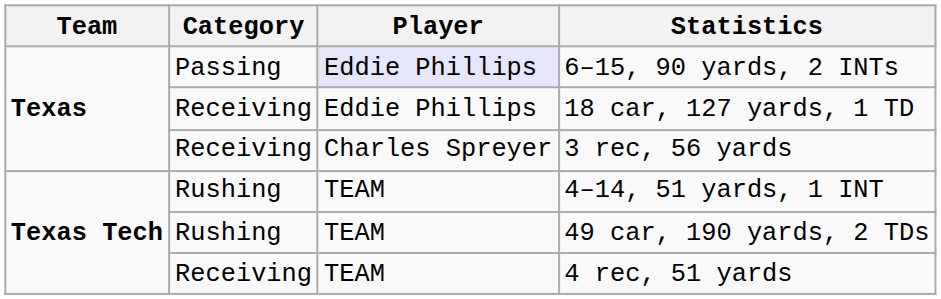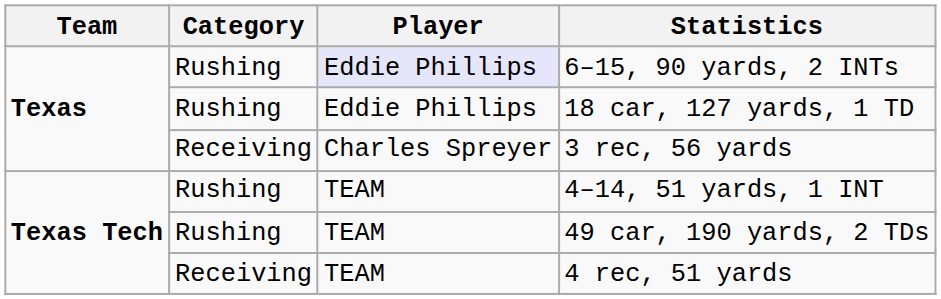 <table class="wikitable" style="float: right;">
 <tr>
 <th>Team</th>
 <th>Category</th>
 <th>Player</th>
 <th>Statistics</th>
 </tr>
 <tr>
 <td rowspan=3><strong>Texas</strong></td>
-<td>Passing</td>
+<td>Rushing</td>
 <td style="background: lavender;">Eddie Phillips</td>
 <td>6–15, 90 yards, 2 INTs</td>
 </tr>
 <tr>
-<td>Receiving</td>
+<td>Rushing</td>
 <td>Eddie Phillips</td>
 <td>18 car, 127 yards, 1 TD</td>
 </tr>
 <tr>
 <td>Receiving</td>
 <td>Charles Spreyer</td>
 <td>3 rec, 56 yards</td>
 </tr>
 <tr>
 <td rowspan=3><strong>Texas Tech</strong></td>
 <td>Rushing</td>
 <td>TEAM</td>
 <td>4–14, 51 yards, 1 INT</td>
 </tr>
 <tr>
 <td>Rushing</td>
 <td>TEAM</td>
 <td>49 car, 190 yards, 2 TDs</td>
 </tr>
 <tr>
 <td>Receiving</td>
 <td>TEAM</td>
 <td>4 rec, 51 yards</td>
 </tr>
 </table>
